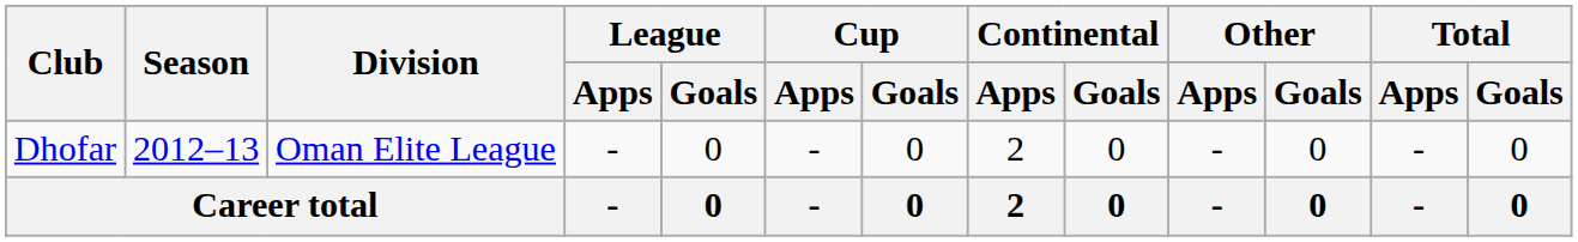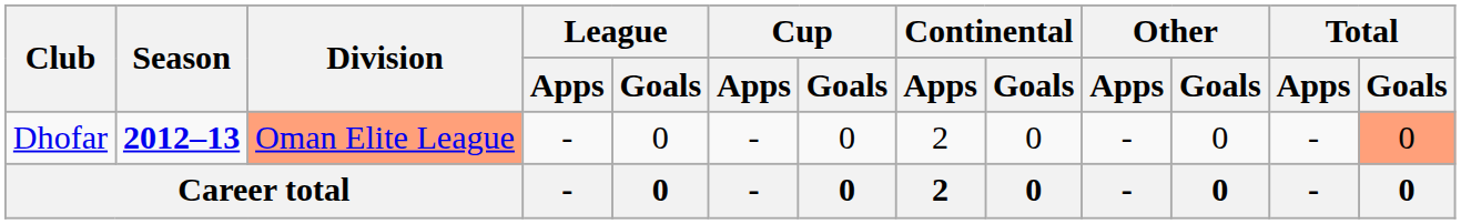 <table class="wikitable" style="text-align: center;">
 <tr>
 <th rowspan="2">Club</th>
 <th rowspan="2">Season</th>
 <th rowspan="2">Division</th>
 <th colspan="2">League</th>
 <th colspan="2">Cup</th>
 <th colspan="2">Continental</th>
 <th colspan="2">Other</th>
 <th colspan="2">Total</th>
 </tr>
 <tr>
 <th>Apps</th>
 <th>Goals</th>
 <th>Apps</th>
 <th>Goals</th>
 <th>Apps</th>
 <th>Goals</th>
 <th>Apps</th>
 <th>Goals</th>
 <th>Apps</th>
 <th>Goals</th>
 </tr>
 <tr>
 <td><a href='#'>Dhofar</a></td>
-<td><a href='#'>2012–13</a></td>
-<td><a href='#'>Oman Elite League</a></td>
+<td><strong><a href='#'>2012–13</a></strong></td>
+<td style="background: lightsalmon;"><a href='#'>Oman Elite League</a></td>
 <td>-</td>
 <td>0</td>
 <td>-</td>
 <td>0</td>
 <td>2</td>
 <td>0</td>
 <td>-</td>
 <td>0</td>
 <td>-</td>
-<td>0</td>
+<td style="background: lightsalmon;">0</td>
 </tr>
 <tr>
 <th colspan="3">Career total</th>
 <th>-</th>
 <th>0</th>
 <th>-</th>
 <th>0</th>
 <th>2</th>
 <th>0</th>
 <th>-</th>
 <th>0</th>
 <th>-</th>
 <th>0</th>
 </tr>
 </table>
